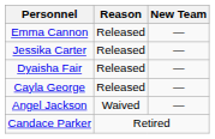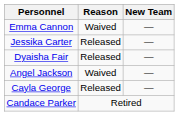 <table class="wikitable" style="text-align: center">
 <tr align="center"  bgcolor="#dddddd">
 <th><strong>Personnel</strong></th>
 <th><strong>Reason</strong></th>
 <th><strong>New Team</strong></th>
 </tr>
 <tr>
 <td><a href='#'>Emma Cannon</a></td>
-<td>Released</td>
+<td>Waived</td>
 <td>—</td>
 </tr>
 <tr>
 <td><a href='#'>Jessika Carter</a></td>
 <td>Released</td>
 <td>—</td>
 </tr>
 <tr>
 <td><a href='#'>Dyaisha Fair</a></td>
 <td>Released</td>
 <td>—</td>
 </tr>
 <tr>
-<td><a href='#'>Cayla George</a></td>
-<td>Released</td>
+<td><a href='#'>Angel Jackson</a></td>
+<td>Waived</td>
 <td>—</td>
 </tr>
 <tr>
-<td><a href='#'>Angel Jackson</a></td>
-<td>Waived</td>
+<td><a href='#'>Cayla George</a></td>
+<td>Released</td>
 <td>—</td>
 </tr>
 <tr>
 <td><a href='#'>Candace Parker</a></td>
 <td colspan=2>Retired</td>
 </tr>
 </table>
